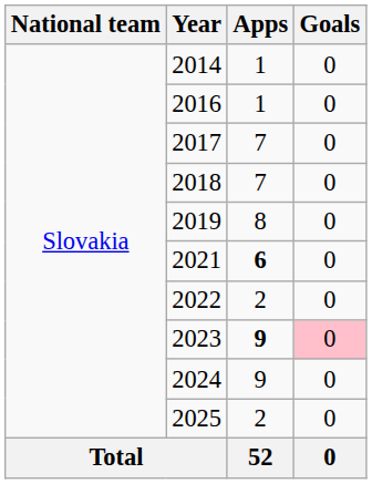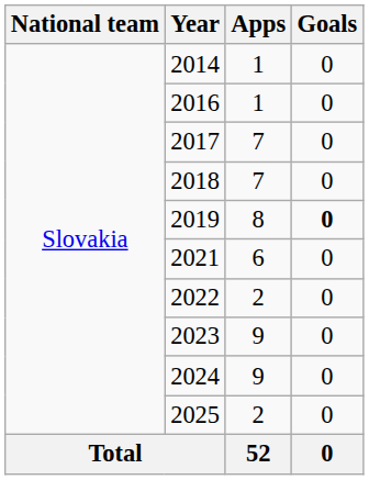 <table class="wikitable" style="text-align: center;">
 <tr>
 <th>National team</th>
 <th>Year</th>
 <th>Apps</th>
 <th>Goals</th>
 </tr>
 <tr>
 <td rowspan="10"><a href='#'>Slovakia</a></td>
 <td>2014</td>
 <td>1</td>
 <td>0</td>
 </tr>
 <tr>
 <td>2016</td>
 <td>1</td>
 <td>0</td>
 </tr>
 <tr>
 <td>2017</td>
 <td>7</td>
 <td>0</td>
 </tr>
 <tr>
 <td>2018</td>
 <td>7</td>
 <td>0</td>
 </tr>
 <tr>
 <td>2019</td>
 <td>8</td>
-<td>0</td>
+<td><strong>0</strong></td>
 </tr>
 <tr>
 <td>2021</td>
-<td><strong>6</strong></td>
+<td>6</td>
 <td>0</td>
 </tr>
 <tr>
 <td>2022</td>
 <td>2</td>
 <td>0</td>
 </tr>
 <tr>
 <td>2023</td>
-<td><strong>9</strong></td>
-<td style="background: pink;">0</td>
+<td>9</td>
+<td>0</td>
 </tr>
 <tr>
 <td>2024</td>
 <td>9</td>
 <td>0</td>
 </tr>
 <tr>
 <td>2025</td>
 <td>2</td>
 <td>0</td>
 </tr>
 <tr>
 <th colspan="2">Total</th>
 <th>52</th>
 <th>0</th>
 </tr>
 </table>
